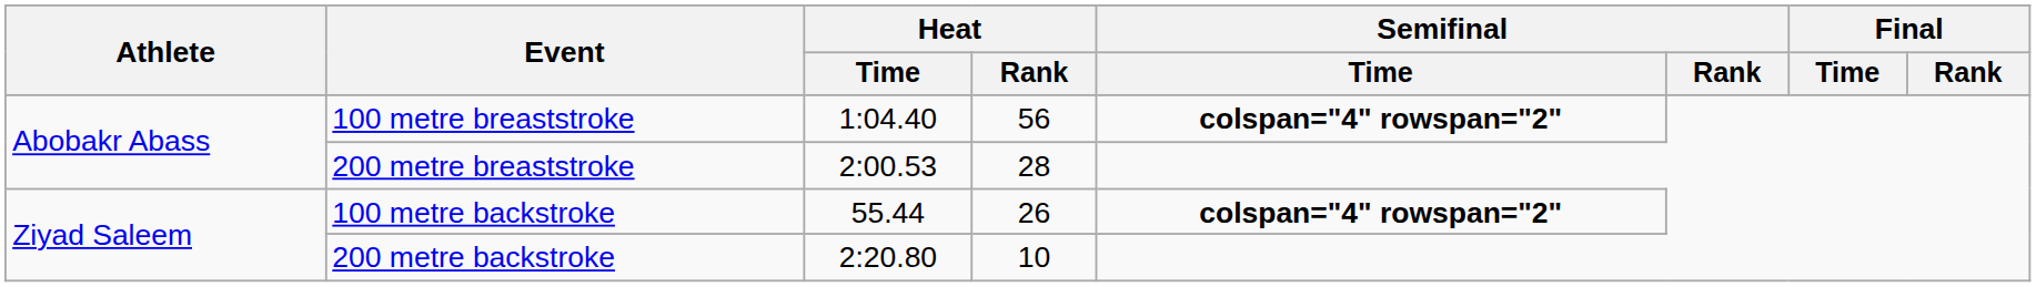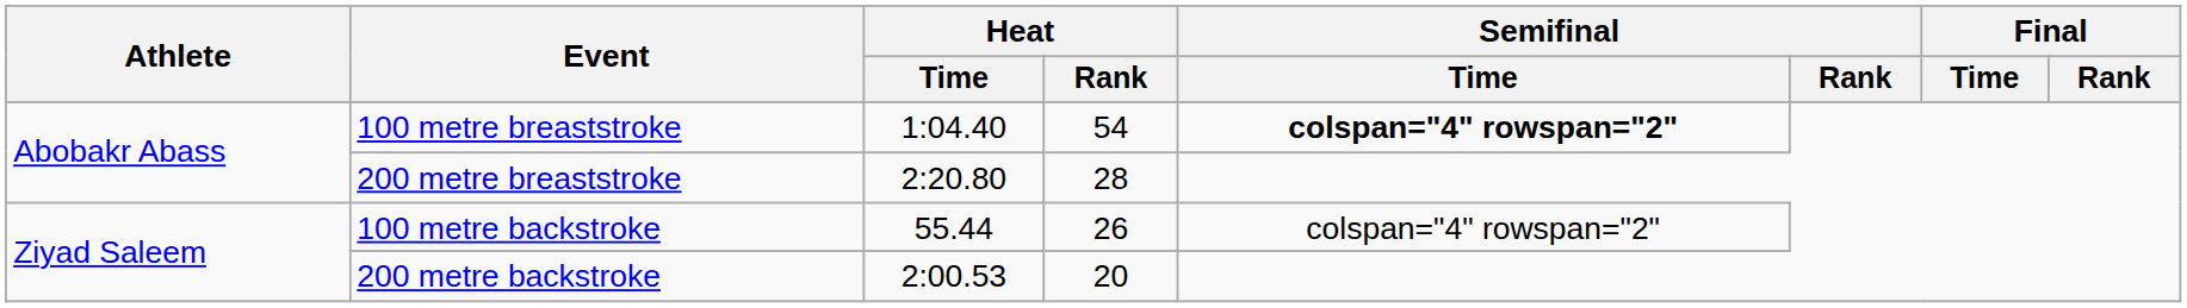 <table class="wikitable" style="text-align:center; font-size:90%; width:50%;">
 <tr>
 <th rowspan="2">Athlete</th>
 <th rowspan="2">Event</th>
 <th colspan="2">Heat</th>
 <th colspan="2">Semifinal</th>
 <th colspan="2">Final</th>
 </tr>
 <tr style="font-size:95%">
 <th>Time</th>
 <th>Rank</th>
 <th>Time</th>
 <th>Rank</th>
 <th>Time</th>
 <th>Rank</th>
 </tr>
 <tr align=center>
 <td align=left rowspan="2"><a href='#'>Abobakr Abass</a></td>
 <td align=left><a href='#'>100 metre breaststroke</a></td>
 <td>1:04.40</td>
-<td>56</td>
+<td>54</td>
 <td><strong>colspan="4" rowspan="2"</strong></td>
 </tr>
 <tr align=center>
 <td align=left><a href='#'>200 metre breaststroke</a></td>
-<td>2:00.53</td>
+<td>2:20.80</td>
 <td>28</td>
 </tr>
 <tr align=center>
 <td align=left rowspan="2"><a href='#'>Ziyad Saleem</a></td>
 <td align=left><a href='#'>100 metre backstroke</a></td>
 <td>55.44</td>
 <td>26</td>
-<td><strong>colspan="4" rowspan="2"</strong></td>
+<td>colspan="4" rowspan="2"</td>
 </tr>
 <tr align=center>
 <td align=left><a href='#'>200 metre backstroke</a></td>
-<td>2:20.80</td>
-<td>10</td>
+<td>2:00.53</td>
+<td>20</td>
 </tr>
 </table>
